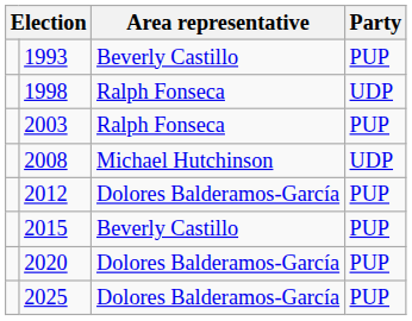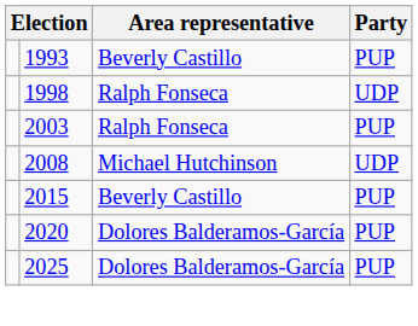 <table class="wikitable">
 <tr>
 <th colspan="2">Election</th>
 <th>Area representative</th>
 <th>Party</th>
 </tr>
 <tr>
 <td style="background-color: "></td>
 <td><a href='#'>1993</a></td>
 <td><a href='#'>Beverly Castillo</a></td>
 <td><a href='#'>PUP</a></td>
 </tr>
 <tr>
 <td style="background-color: "></td>
 <td><a href='#'>1998</a></td>
 <td><a href='#'>Ralph Fonseca</a></td>
 <td><a href='#'>UDP</a></td>
 </tr>
 <tr>
 <td style="background-color: "></td>
 <td><a href='#'>2003</a></td>
 <td><a href='#'>Ralph Fonseca</a></td>
 <td><a href='#'>PUP</a></td>
 </tr>
 <tr>
 <td style="background-color: "></td>
 <td><a href='#'>2008</a></td>
 <td><a href='#'>Michael Hutchinson</a></td>
 <td><a href='#'>UDP</a></td>
 </tr>
 <tr>
 <td style="background-color: "></td>
-<td><a href='#'>2012</a></td>
-<td><a href='#'>Dolores Balderamos-García</a></td>
-<td><a href='#'>PUP</a></td>
-</tr>
-<tr>
-<td style="background-color: "></td>
 <td><a href='#'>2015</a></td>
 <td><a href='#'>Beverly Castillo</a></td>
 <td><a href='#'>PUP</a></td>
 </tr>
 <tr>
 <td style="background-color: "></td>
 <td><a href='#'>2020</a></td>
 <td><a href='#'>Dolores Balderamos-García</a></td>
 <td><a href='#'>PUP</a></td>
 </tr>
 <tr>
 <td style="background-color: "></td>
 <td><a href='#'>2025</a></td>
 <td><a href='#'>Dolores Balderamos-García</a></td>
 <td><a href='#'>PUP</a></td>
 </tr>
 </table>
